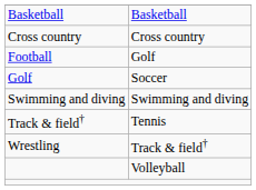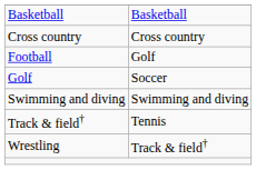 <table class="wikitable" style= " ">
 <tr>
 </tr>
 <tr>
 <td><a href='#'>Basketball</a></td>
 <td><a href='#'>Basketball</a></td>
 </tr>
 <tr>
 <td>Cross country</td>
 <td>Cross country</td>
 </tr>
 <tr>
 <td><a href='#'>Football</a></td>
 <td>Golf</td>
 </tr>
 <tr>
 <td><a href='#'>Golf</a></td>
 <td>Soccer</td>
 </tr>
 <tr>
 <td>Swimming and diving</td>
 <td>Swimming and diving</td>
 </tr>
 <tr>
 <td>Track & field<sup>†</sup></td>
 <td>Tennis</td>
 </tr>
 <tr>
 <td>Wrestling</td>
 <td>Track & field<sup>†</sup></td>
 </tr>
 <tr>
-<td></td>
-<td>Volleyball</td>
-</tr>
-<tr>
 <td colspan="2"></td>
 </tr>
 </table>
